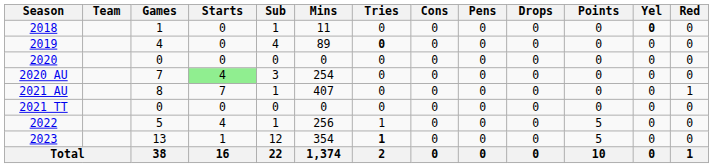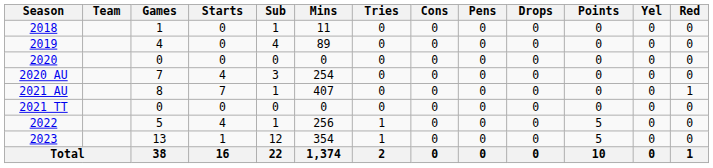 <table class="wikitable" style="text-align:center; line-height:90%; font-size:95%; width:60%;">
 <tr>
 <th>Season</th>
 <th>Team</th>
 <th>Games</th>
 <th>Starts</th>
 <th>Sub</th>
 <th>Mins</th>
 <th>Tries</th>
 <th>Cons</th>
 <th>Pens</th>
 <th>Drops</th>
 <th>Points</th>
 <th>Yel</th>
 <th>Red</th>
 </tr>
 <tr>
 <td><a href='#'>2018</a></td>
 <td></td>
 <td>1</td>
 <td>0</td>
 <td>1</td>
 <td>11</td>
 <td>0</td>
 <td>0</td>
 <td>0</td>
 <td>0</td>
 <td>0</td>
-<td><strong>0</strong></td>
+<td>0</td>
 <td>0</td>
 </tr>
 <tr>
 <td><a href='#'>2019</a></td>
 <td></td>
 <td>4</td>
 <td>0</td>
 <td>4</td>
 <td>89</td>
-<td><strong>0</strong></td>
+<td>0</td>
 <td>0</td>
 <td>0</td>
 <td>0</td>
 <td>0</td>
 <td>0</td>
 <td>0</td>
 </tr>
 <tr>
 <td><a href='#'>2020</a></td>
 <td></td>
 <td>0</td>
 <td>0</td>
 <td>0</td>
 <td>0</td>
 <td>0</td>
 <td>0</td>
 <td>0</td>
 <td>0</td>
 <td>0</td>
 <td>0</td>
 <td>0</td>
 </tr>
 <tr>
 <td><a href='#'>2020 AU</a></td>
 <td></td>
 <td>7</td>
-<td style="background: lightgreen;">4</td>
+<td>4</td>
 <td>3</td>
 <td>254</td>
 <td>0</td>
 <td>0</td>
 <td>0</td>
 <td>0</td>
 <td>0</td>
 <td>0</td>
 <td>0</td>
 </tr>
 <tr>
 <td><a href='#'>2021 AU</a></td>
 <td></td>
 <td>8</td>
 <td>7</td>
 <td>1</td>
 <td>407</td>
 <td>0</td>
 <td>0</td>
 <td>0</td>
 <td>0</td>
 <td>0</td>
 <td>0</td>
 <td>1</td>
 </tr>
 <tr>
 <td><a href='#'>2021 TT</a></td>
 <td></td>
 <td>0</td>
 <td>0</td>
 <td>0</td>
 <td>0</td>
 <td>0</td>
 <td>0</td>
 <td>0</td>
 <td>0</td>
 <td>0</td>
 <td>0</td>
 <td>0</td>
 </tr>
 <tr>
 <td><a href='#'>2022</a></td>
 <td></td>
 <td>5</td>
 <td>4</td>
 <td>1</td>
 <td>256</td>
 <td>1</td>
 <td>0</td>
 <td>0</td>
 <td>0</td>
 <td>5</td>
 <td>0</td>
 <td>0</td>
 </tr>
 <tr>
 <td><a href='#'>2023</a></td>
 <td></td>
 <td>13</td>
 <td>1</td>
 <td>12</td>
 <td>354</td>
-<td><strong>1</strong></td>
+<td>1</td>
 <td>0</td>
 <td>0</td>
 <td>0</td>
 <td>5</td>
 <td>0</td>
 <td>0</td>
 </tr>
 <tr>
 <th colspan="2">Total</th>
 <th>38</th>
 <th>16</th>
 <th>22</th>
 <th>1,374</th>
 <th>2</th>
 <th>0</th>
 <th>0</th>
 <th>0</th>
 <th>10</th>
 <th>0</th>
 <th>1</th>
 </tr>
 </table>
